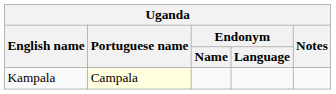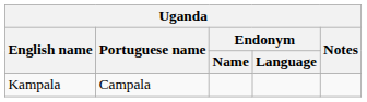 <table class="wikitable sortable">
 <tr>
 <th colspan="5"> Uganda</th>
 </tr>
 <tr>
 <th rowspan="2">English name</th>
 <th rowspan="2">Portuguese name</th>
 <th colspan="2">Endonym</th>
 <th rowspan="2">Notes</th>
 </tr>
 <tr>
 <th>Name</th>
 <th>Language</th>
 </tr>
 <tr>
 <td>Kampala</td>
-<td style="background: lightyellow;">Campala</td>
+<td>Campala</td>
 <td></td>
 <td></td>
 <td></td>
 </tr>
 </table>
